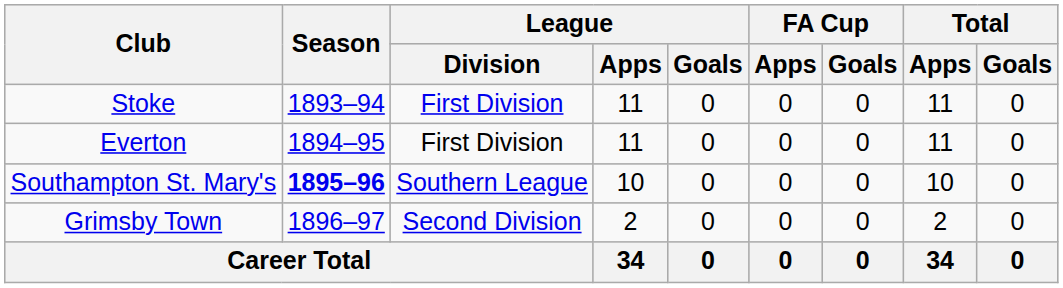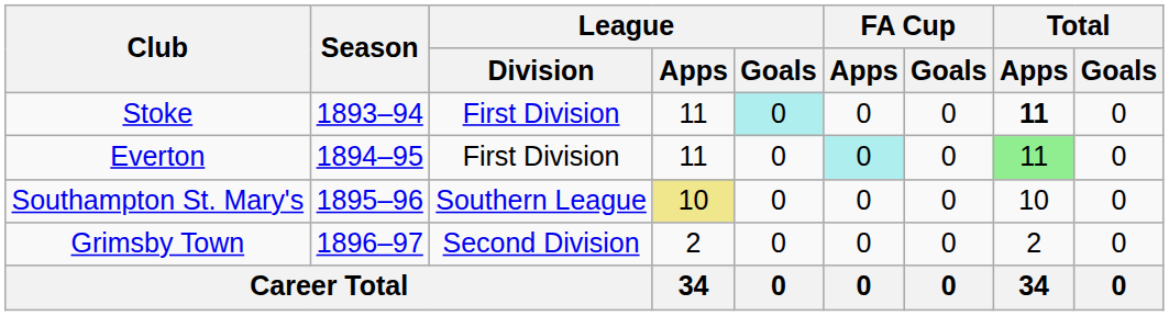 <table class="wikitable" style="text-align: center;">
 <tr>
 <th rowspan="2">Club</th>
 <th rowspan="2">Season</th>
 <th colspan="3">League</th>
 <th colspan="2">FA Cup</th>
 <th colspan="2">Total</th>
 </tr>
 <tr>
 <th>Division</th>
 <th>Apps</th>
 <th>Goals</th>
 <th>Apps</th>
 <th>Goals</th>
 <th>Apps</th>
 <th>Goals</th>
 </tr>
 <tr>
 <td><a href='#'>Stoke</a></td>
 <td><a href='#'>1893–94</a></td>
 <td><a href='#'>First Division</a></td>
 <td>11</td>
+<td style="background: paleturquoise;">0</td>
 <td>0</td>
 <td>0</td>
-<td>0</td>
-<td>11</td>
+<td><strong>11</strong></td>
 <td>0</td>
 </tr>
 <tr>
 <td><a href='#'>Everton</a></td>
 <td><a href='#'>1894–95</a></td>
 <td>First Division</td>
 <td>11</td>
 <td>0</td>
+<td style="background: paleturquoise;">0</td>
 <td>0</td>
-<td>0</td>
-<td>11</td>
+<td style="background: lightgreen;">11</td>
 <td>0</td>
 </tr>
 <tr>
 <td><a href='#'>Southampton St. Mary's</a></td>
-<td><strong><a href='#'>1895–96</a></strong></td>
+<td><a href='#'>1895–96</a></td>
 <td><a href='#'>Southern League</a></td>
-<td>10</td>
+<td style="background: khaki;">10</td>
 <td>0</td>
 <td>0</td>
 <td>0</td>
 <td>10</td>
 <td>0</td>
 </tr>
 <tr>
 <td><a href='#'>Grimsby Town</a></td>
 <td><a href='#'>1896–97</a></td>
 <td><a href='#'>Second Division</a></td>
 <td>2</td>
 <td>0</td>
 <td>0</td>
 <td>0</td>
 <td>2</td>
 <td>0</td>
 </tr>
 <tr>
 <th colspan="3">Career Total</th>
 <th>34</th>
 <th>0</th>
 <th>0</th>
 <th>0</th>
 <th>34</th>
 <th>0</th>
 </tr>
 </table>
